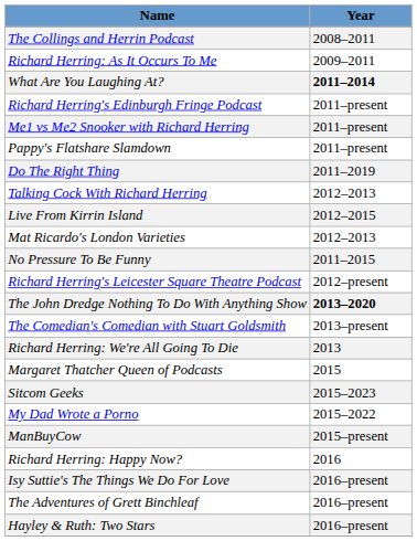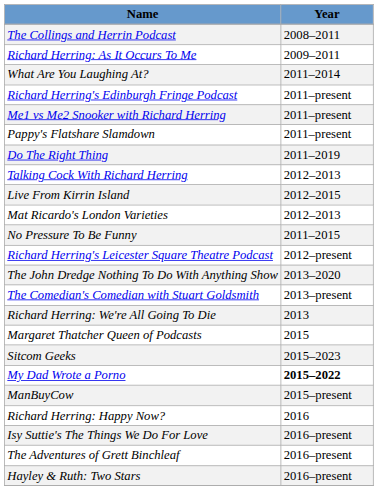 <table class="wikitable plainrowheaders sortable">
 <tr>
 <th style="background-color: #6699CC" width=75%>Name</th>
 <th style="background-color: #6699CC" width=25%>Year</th>
 </tr>
 <tr style="background-color: #F2F2F2;" |>
 </tr>
 <tr style="background-color: #F2F2F2;" |>
 <td><em><a href='#'>The Collings and Herrin Podcast</a></em></td>
 <td>2008–2011</td>
 </tr>
 <tr style="background-color: #FFFFFF;" |>
 <td><em><a href='#'>Richard Herring: As It Occurs To Me</a></em></td>
 <td>2009–2011</td>
 </tr>
 <tr style="background-color: #F2F2F2;" |>
 <td><em>What Are You Laughing At?</em></td>
-<td><strong>2011–2014</strong></td>
+<td>2011–2014</td>
 </tr>
 <tr style="background-color: #FFFFFF;" |>
 <td><em><a href='#'>Richard Herring's Edinburgh Fringe Podcast</a></em></td>
 <td>2011–present</td>
 </tr>
 <tr style="background-color: #F2F2F2;" |>
 <td><em><a href='#'>Me1 vs Me2 Snooker with Richard Herring</a></em></td>
 <td>2011–present</td>
 </tr>
 <tr style="background-color: #FFFFFF;" |>
 <td><em>Pappy's Flatshare Slamdown</em></td>
 <td>2011–present</td>
 </tr>
 <tr style="background-color: #F2F2F2;" |>
 <td><em><a href='#'>Do The Right Thing</a></em></td>
 <td>2011–2019</td>
 </tr>
 <tr style="background-color: #FFFFFF;" |>
 <td><em><a href='#'>Talking Cock With Richard Herring</a></em></td>
 <td>2012–2013</td>
 </tr>
 <tr style="background-color: #F2F2F2;" |>
 <td><em>Live From Kirrin Island</em></td>
 <td>2012–2015</td>
 </tr>
 <tr style="background-color: #FFFFFF;" |>
 <td><em>Mat Ricardo's London Varieties</em></td>
 <td>2012–2013</td>
 </tr>
 <tr style="background-color: #F2F2F2;" |>
 <td><em>No Pressure To Be Funny</em></td>
 <td>2011–2015</td>
 </tr>
 <tr style="background-color: #FFFFFF;" |>
 <td><em><a href='#'>Richard Herring's Leicester Square Theatre Podcast</a></em></td>
 <td>2012–present</td>
 </tr>
 <tr style="background-color: #F2F2F2;" |>
 <td><em>The John Dredge Nothing To Do With Anything Show</em></td>
-<td><strong>2013–2020</strong></td>
+<td>2013–2020</td>
 </tr>
 <tr style="background-color: #FFFFFF;" |>
 <td><em><a href='#'>The Comedian's Comedian with Stuart Goldsmith</a></em></td>
 <td>2013–present</td>
 </tr>
 <tr style="background-color: #F2F2F2;" |>
 <td><em>Richard Herring: We're All Going To Die</em></td>
 <td>2013</td>
 </tr>
 <tr style="background-color: #FFFFFF;" |>
 <td><em>Margaret Thatcher Queen of Podcasts</em></td>
 <td>2015</td>
 </tr>
 <tr style="background-color: #F2F2F2;" |>
 <td><em>Sitcom Geeks</em></td>
 <td>2015–2023</td>
 </tr>
 <tr style="background-color: #FFFFFF;" |>
 <td><em><a href='#'>My Dad Wrote a Porno</a></em></td>
-<td>2015–2022</td>
+<td><strong>2015–2022</strong></td>
 </tr>
 <tr style="background-color: #F2F2F2;" |>
 <td><em>ManBuyCow</em></td>
 <td>2015–present</td>
 </tr>
 <tr style="background-color: #FFFFFF;" |>
 <td><em>Richard Herring: Happy Now?</em></td>
 <td>2016</td>
 </tr>
 <tr style="background-color: #F2F2F2;" |>
 <td><em>Isy Suttie's The Things We Do For Love</em></td>
 <td>2016–present</td>
 </tr>
 <tr style="background-color: #FFFFFF;" |>
 <td><em>The Adventures of Grett Binchleaf</em></td>
 <td>2016–present</td>
 </tr>
 <tr style="background-color: #F2F2F2;" |>
 <td><em>Hayley & Ruth: Two Stars</em></td>
 <td>2016–present</td>
 </tr>
 <tr style="background-color: #FFFFFF;" |>
 </tr>
 </table>
